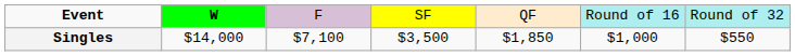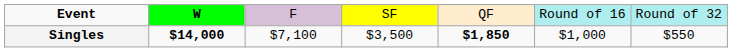 <table class=wikitable style=font-size:95%;text-align:center>
 <tr>
 <td style="width:130px"><strong>Event</strong></td>
 <td style="width:85px; background:lime"><strong>W</strong></td>
 <td style="width:85px; background:thistle">F</td>
 <td style="width:85px; background:#ffff00">SF</td>
 <td style="width:85px; background:#ffebcd">QF</td>
 <td style="width:85px; background:#afeeee">Round of 16</td>
 <td style="width:85px; background:#afeeee">Round of 32</td>
 </tr>
 <tr>
 <th style=background:#f3f3f3>Singles </th>
-<td>$14,000</td>
+<td><strong>$14,000</strong></td>
 <td>$7,100 </td>
 <td>$3,500</td>
-<td>$1,850</td>
+<td><strong>$1,850</strong></td>
 <td>$1,000</td>
 <td>$550</td>
 </tr>
 </table>
